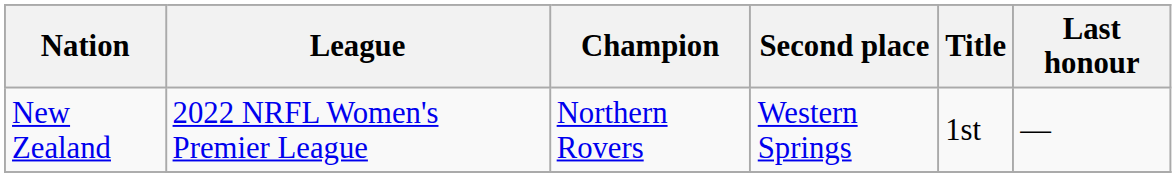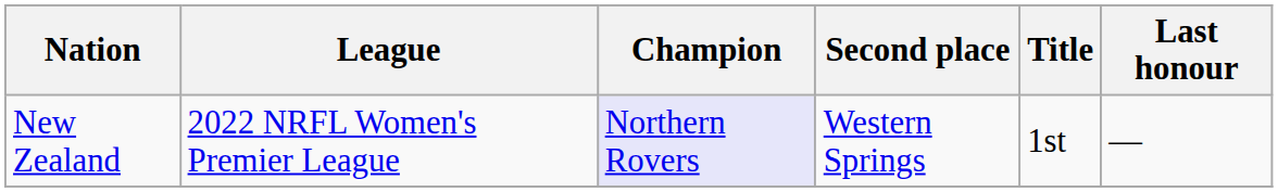 <table class="wikitable sortable">
 <tr>
 <th>Nation</th>
 <th>League</th>
 <th>Champion</th>
 <th>Second place</th>
 <th data-sort-type="number">Title</th>
 <th>Last honour</th>
 </tr>
 <tr>
 <td rowspan=3> <a href='#'>New Zealand</a></td>
 <td><a href='#'>2022 NRFL Women's Premier League</a></td>
-<td><a href='#'>Northern Rovers</a></td>
+<td style="background: lavender;"><a href='#'>Northern Rovers</a></td>
 <td><a href='#'>Western Springs</a></td>
 <td>1st</td>
 <td>—</td>
 </tr>
 <tr>
 </tr>
 </table>
